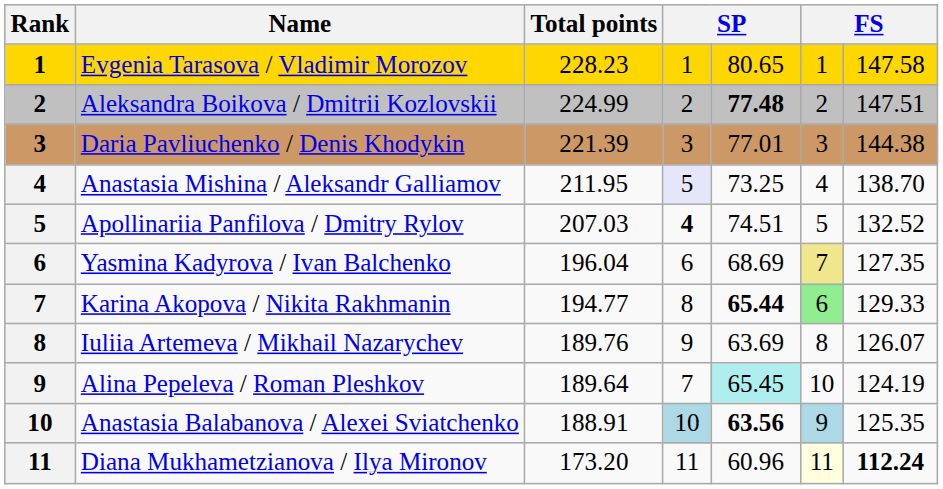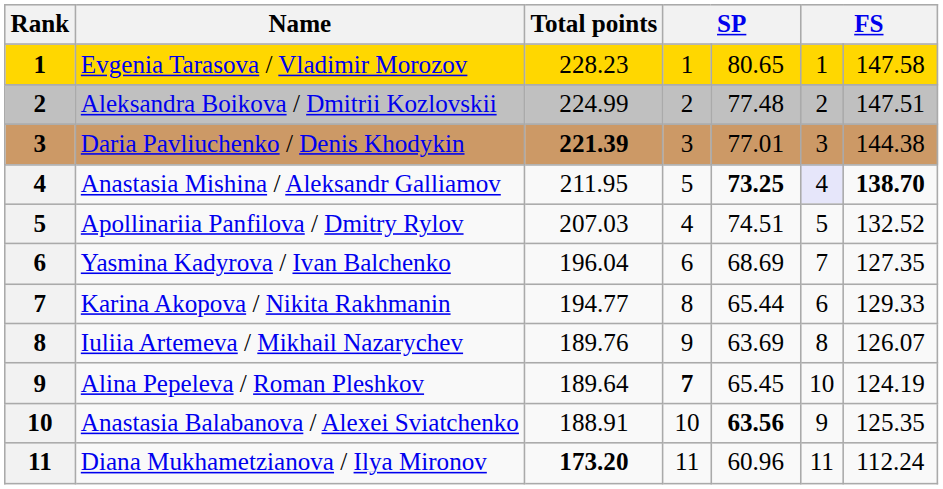 <table class="wikitable sortable">
 <tr>
 <th>Rank</th>
 <th>Name</th>
 <th>Total points</th>
 <th colspan="2" width="80px"><a href='#'>SP</a></th>
 <th colspan="2" width="80px"><a href='#'>FS</a></th>
 </tr>
 <tr bgcolor="gold">
 <td align="center"><strong>1</strong></td>
 <td><a href='#'>Evgenia Tarasova</a> / <a href='#'>Vladimir Morozov</a></td>
 <td align="center">228.23</td>
 <td align="center">1</td>
 <td align="center">80.65</td>
 <td align="center">1</td>
 <td align="center">147.58</td>
 </tr>
 <tr bgcolor="silver">
 <td align="center"><strong>2</strong></td>
 <td><a href='#'>Aleksandra Boikova</a> / <a href='#'>Dmitrii Kozlovskii</a></td>
 <td align="center">224.99</td>
 <td align="center">2</td>
-<td align="center"><strong>77.48</strong></td>
+<td align="center">77.48</td>
 <td align="center">2</td>
 <td align="center">147.51</td>
 </tr>
 <tr bgcolor="cc9966">
 <td align="center"><strong>3</strong></td>
 <td><a href='#'>Daria Pavliuchenko</a> / <a href='#'>Denis Khodykin</a></td>
-<td align="center">221.39</td>
+<td align="center"><strong>221.39</strong></td>
 <td align="center">3</td>
 <td align="center">77.01</td>
 <td align="center">3</td>
 <td align="center">144.38</td>
 </tr>
 <tr>
 <th>4</th>
 <td><a href='#'>Anastasia Mishina</a> / <a href='#'>Aleksandr Galliamov</a></td>
 <td align="center">211.95</td>
-<td align="center" style="background: lavender;">5</td>
-<td align="center">73.25</td>
-<td align="center">4</td>
-<td align="center">138.70</td>
+<td align="center">5</td>
+<td align="center"><strong>73.25</strong></td>
+<td align="center" style="background: lavender;">4</td>
+<td align="center"><strong>138.70</strong></td>
 </tr>
 <tr>
 <th>5</th>
 <td><a href='#'>Apollinariia Panfilova</a> / <a href='#'>Dmitry Rylov</a></td>
 <td align="center">207.03</td>
-<td align="center"><strong>4</strong></td>
+<td align="center">4</td>
 <td align="center">74.51</td>
 <td align="center">5</td>
 <td align="center">132.52</td>
 </tr>
 <tr>
 <th>6</th>
 <td><a href='#'>Yasmina Kadyrova</a> / <a href='#'>Ivan Balchenko</a></td>
 <td align="center">196.04</td>
 <td align="center">6</td>
 <td align="center">68.69</td>
-<td align="center" style="background: khaki;">7</td>
+<td align="center">7</td>
 <td align="center">127.35</td>
 </tr>
 <tr>
 <th>7</th>
 <td><a href='#'>Karina Akopova</a> / <a href='#'>Nikita Rakhmanin</a></td>
 <td align="center">194.77</td>
 <td align="center">8</td>
-<td align="center"><strong>65.44</strong></td>
-<td align="center" style="background: lightgreen;">6</td>
+<td align="center">65.44</td>
+<td align="center">6</td>
 <td align="center">129.33</td>
 </tr>
 <tr>
 <th>8</th>
 <td><a href='#'>Iuliia Artemeva</a> / <a href='#'>Mikhail Nazarychev</a></td>
 <td align="center">189.76</td>
 <td align="center">9</td>
 <td align="center">63.69</td>
 <td align="center">8</td>
 <td align="center">126.07</td>
 </tr>
 <tr>
 <th>9</th>
 <td><a href='#'>Alina Pepeleva</a> / <a href='#'>Roman Pleshkov</a></td>
 <td align="center">189.64</td>
-<td align="center">7</td>
-<td align="center" style="background: paleturquoise;">65.45</td>
+<td align="center"><strong>7</strong></td>
+<td align="center">65.45</td>
 <td align="center">10</td>
 <td align="center">124.19</td>
 </tr>
 <tr>
 <th>10</th>
 <td><a href='#'>Anastasia Balabanova</a> / <a href='#'>Alexei Sviatchenko</a></td>
 <td align="center">188.91</td>
-<td align="center" style="background: lightblue;">10</td>
+<td align="center">10</td>
 <td align="center"><strong>63.56</strong></td>
-<td align="center" style="background: lightblue;">9</td>
+<td align="center">9</td>
 <td align="center">125.35</td>
 </tr>
 <tr>
 <th>11</th>
 <td><a href='#'>Diana Mukhametzianova</a> / <a href='#'>Ilya Mironov</a></td>
-<td align="center">173.20</td>
+<td align="center"><strong>173.20</strong></td>
 <td align="center">11</td>
 <td align="center">60.96</td>
-<td align="center" style="background: lightyellow;">11</td>
-<td align="center"><strong>112.24</strong></td>
+<td align="center">11</td>
+<td align="center">112.24</td>
 </tr>
 </table>
